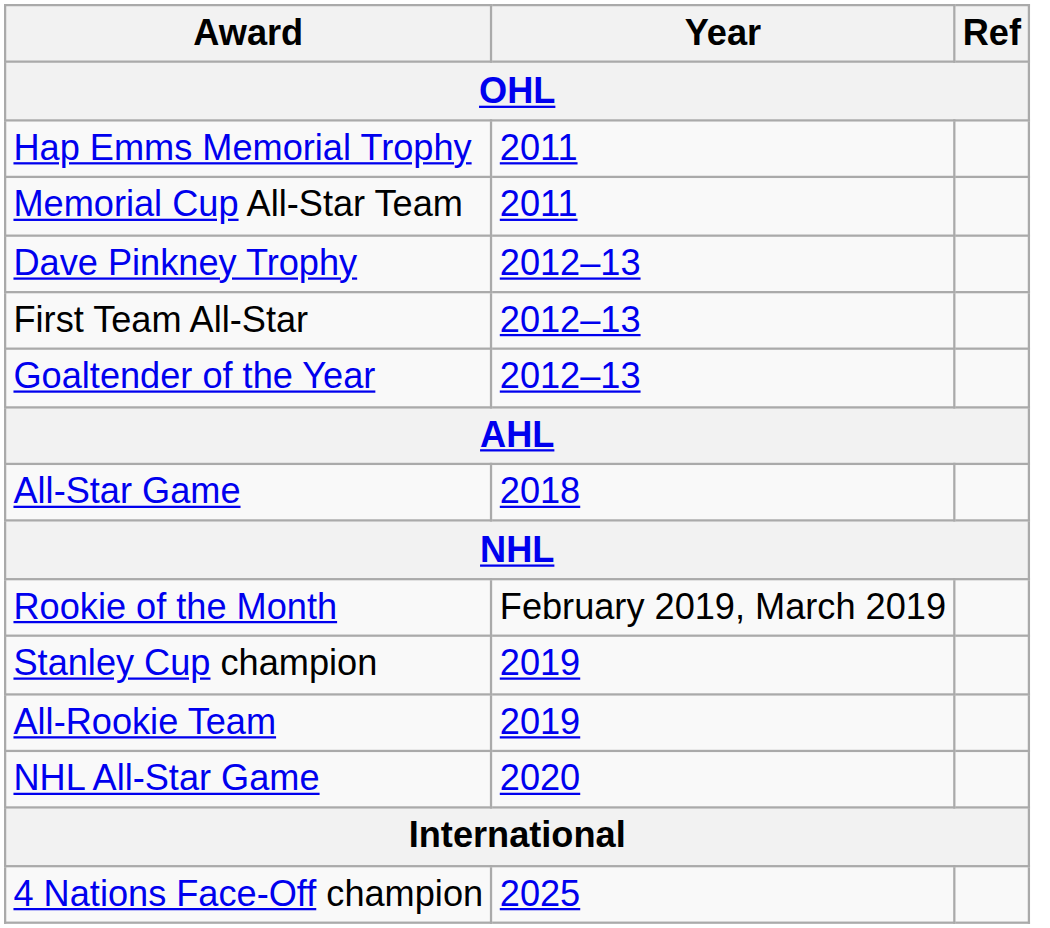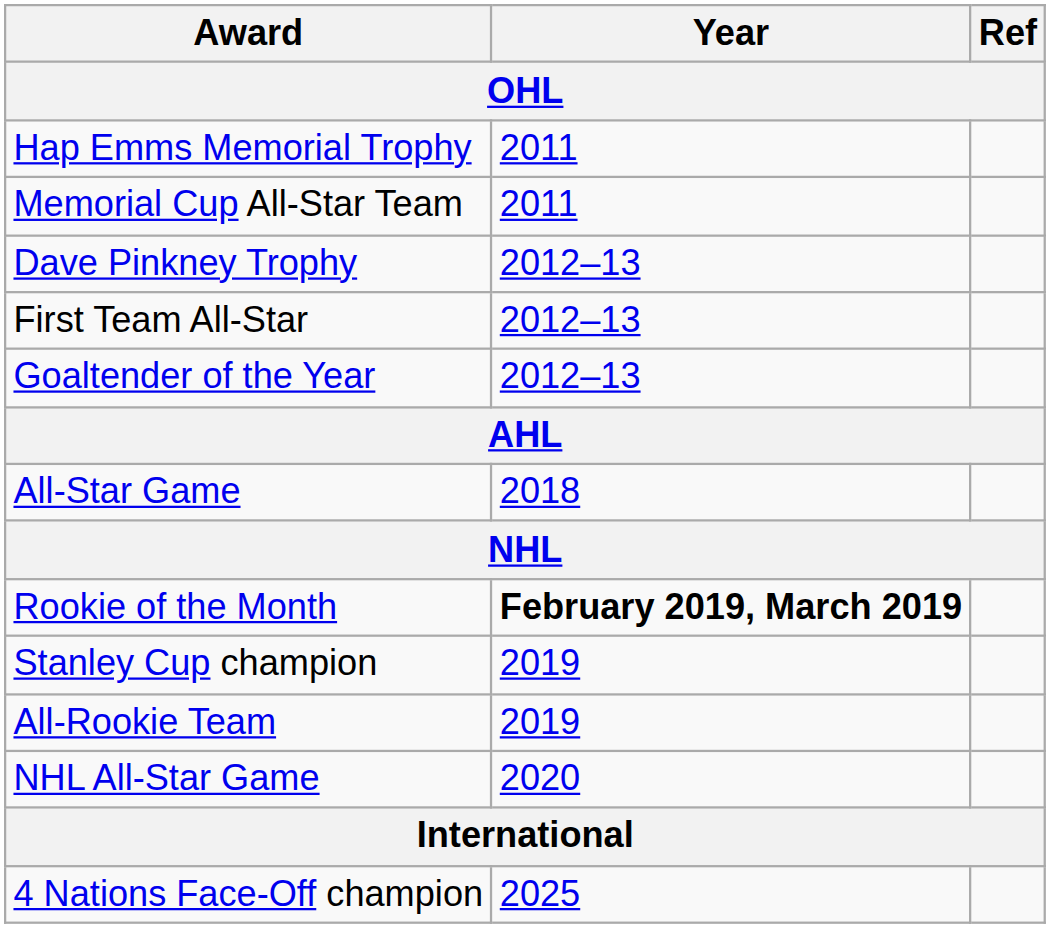 <table class="wikitable">
 <tr>
 <th>Award</th>
 <th>Year</th>
 <th>Ref</th>
 </tr>
 <tr>
 <th colspan="3"><a href='#'>OHL</a></th>
 </tr>
 <tr>
 <td><a href='#'>Hap Emms Memorial Trophy</a></td>
 <td><a href='#'>2011</a></td>
 <td></td>
 </tr>
 <tr>
 <td><a href='#'>Memorial Cup</a> All-Star Team</td>
 <td><a href='#'>2011</a></td>
 <td></td>
 </tr>
 <tr>
 <td><a href='#'>Dave Pinkney Trophy</a></td>
 <td><a href='#'>2012–13</a></td>
 <td></td>
 </tr>
 <tr>
 <td>First Team All-Star</td>
 <td><a href='#'>2012–13</a></td>
 <td></td>
 </tr>
 <tr>
 <td><a href='#'>Goaltender of the Year</a></td>
 <td><a href='#'>2012–13</a></td>
 <td></td>
 </tr>
 <tr>
 <th colspan="3"><a href='#'>AHL</a></th>
 </tr>
 <tr>
 <td><a href='#'>All-Star Game</a></td>
 <td><a href='#'>2018</a></td>
 <td></td>
 </tr>
 <tr>
 <th colspan="3"><a href='#'>NHL</a></th>
 </tr>
 <tr>
 <td><a href='#'>Rookie of the Month</a></td>
-<td>February 2019, March 2019</td>
+<td><strong>February 2019, March 2019</strong></td>
 <td></td>
 </tr>
 <tr>
 <td><a href='#'>Stanley Cup</a> champion</td>
 <td><a href='#'>2019</a></td>
 <td></td>
 </tr>
 <tr>
 <td><a href='#'>All-Rookie Team</a></td>
 <td><a href='#'>2019</a></td>
 <td></td>
 </tr>
 <tr>
 <td><a href='#'>NHL All-Star Game</a></td>
 <td><a href='#'>2020</a></td>
 <td></td>
 </tr>
 <tr>
 <th colspan="3">International</th>
 </tr>
 <tr>
 <td><a href='#'>4 Nations Face-Off</a> champion</td>
 <td><a href='#'>2025</a></td>
 <td></td>
 </tr>
 </table>
